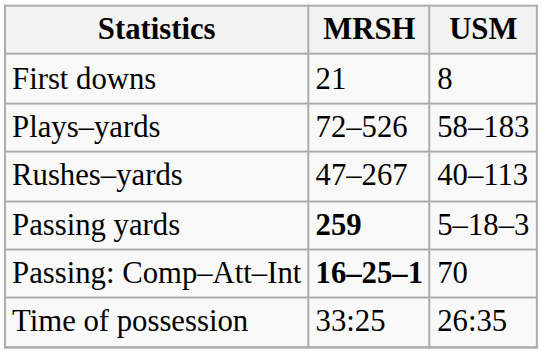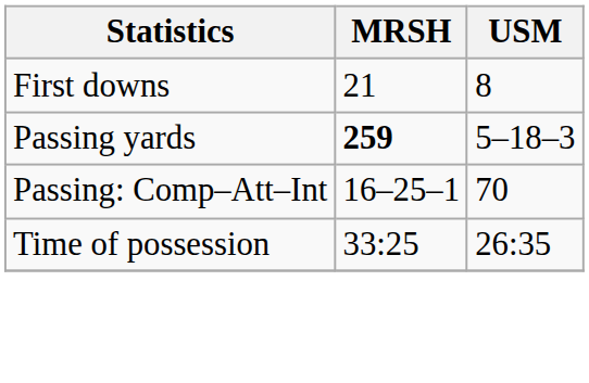 <table class="wikitable" style="float: left;">
 <tr>
 <th>Statistics</th>
 <th>MRSH</th>
 <th>USM</th>
 </tr>
 <tr>
 <td>First downs</td>
 <td>21</td>
 <td>8</td>
 </tr>
 <tr>
-<td>Plays–yards</td>
-<td>72–526</td>
-<td>58–183</td>
-</tr>
-<tr>
-<td>Rushes–yards</td>
-<td>47–267</td>
-<td>40–113</td>
-</tr>
-<tr>
 <td>Passing yards</td>
 <td><strong>259</strong></td>
 <td>5–18–3</td>
 </tr>
 <tr>
 <td>Passing: Comp–Att–Int</td>
-<td><strong>16–25–1</strong></td>
+<td>16–25–1</td>
 <td>70</td>
 </tr>
 <tr>
 <td>Time of possession</td>
 <td>33:25</td>
 <td>26:35</td>
 </tr>
 <tr>
 </tr>
 </table>
